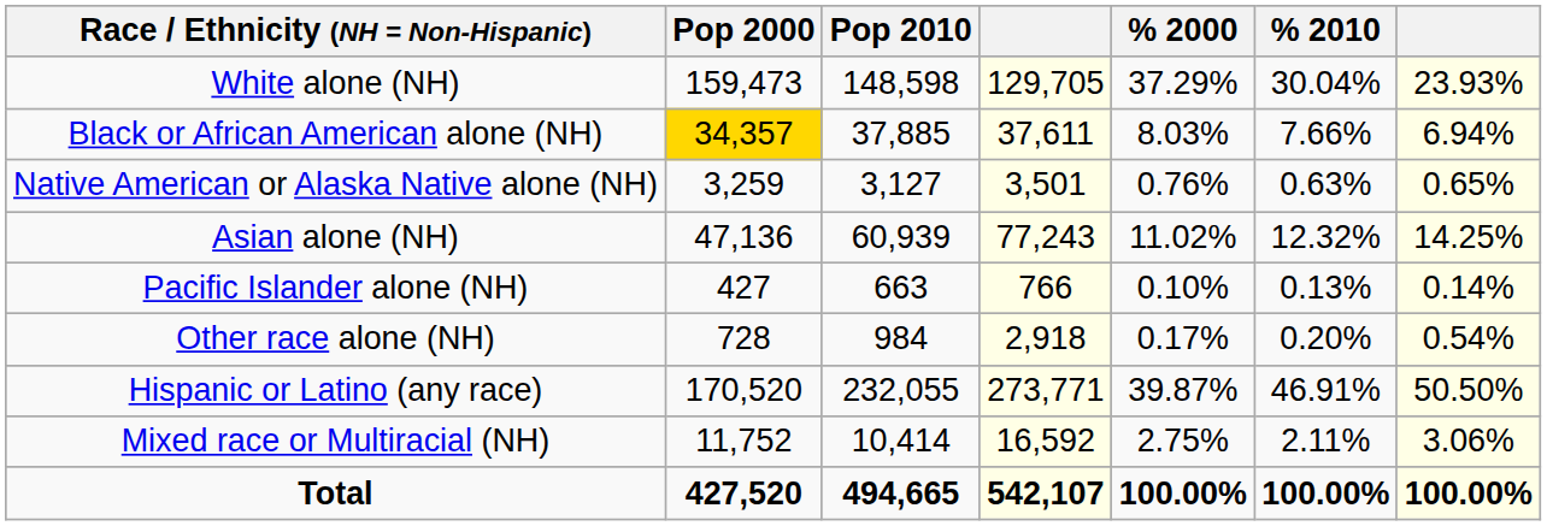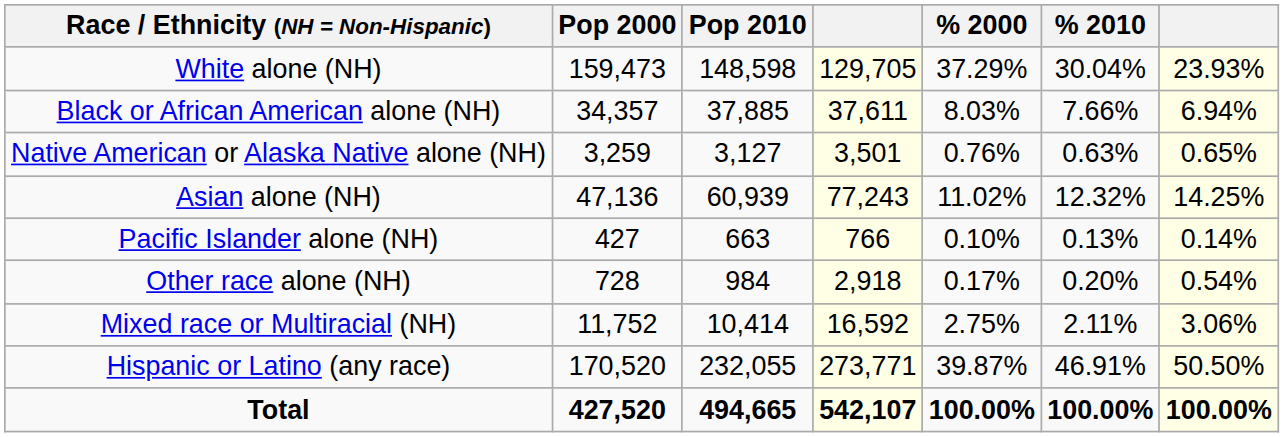 <table class="wikitable" style="text-align:center;">
 <tr>
 <th>Race / Ethnicity <small>(<em>NH = Non-Hispanic</em>)</small></th>
 <th>Pop 2000</th>
 <th>Pop 2010</th>
 <th></th>
 <th>% 2000</th>
 <th>% 2010</th>
 <th></th>
 </tr>
 <tr>
 <td><a href='#'>White</a> alone (NH)</td>
 <td>159,473</td>
 <td>148,598</td>
 <td style='background: #ffffe6;'>129,705</td>
 <td>37.29%</td>
 <td>30.04%</td>
 <td style='background: #ffffe6;'>23.93%</td>
 </tr>
 <tr>
 <td><a href='#'>Black or African American</a> alone (NH)</td>
-<td style="background: gold;">34,357</td>
+<td>34,357</td>
 <td>37,885</td>
 <td style='background: #ffffe6;'>37,611</td>
 <td>8.03%</td>
 <td>7.66%</td>
 <td style='background: #ffffe6;'>6.94%</td>
 </tr>
 <tr>
 <td><a href='#'>Native American</a> or <a href='#'>Alaska Native</a> alone (NH)</td>
 <td>3,259</td>
 <td>3,127</td>
 <td style='background: #ffffe6;'>3,501</td>
 <td>0.76%</td>
 <td>0.63%</td>
 <td style='background: #ffffe6;'>0.65%</td>
 </tr>
 <tr>
 <td><a href='#'>Asian</a> alone (NH)</td>
 <td>47,136</td>
 <td>60,939</td>
 <td style='background: #ffffe6;'>77,243</td>
 <td>11.02%</td>
 <td>12.32%</td>
 <td style='background: #ffffe6;'>14.25%</td>
 </tr>
 <tr>
 <td><a href='#'>Pacific Islander</a> alone (NH)</td>
 <td>427</td>
 <td>663</td>
 <td style='background: #ffffe6;'>766</td>
 <td>0.10%</td>
 <td>0.13%</td>
 <td style='background: #ffffe6;'>0.14%</td>
 </tr>
 <tr>
 <td><a href='#'>Other race</a> alone (NH)</td>
 <td>728</td>
 <td>984</td>
 <td style='background: #ffffe6;'>2,918</td>
 <td>0.17%</td>
 <td>0.20%</td>
 <td style='background: #ffffe6;'>0.54%</td>
 </tr>
 <tr>
+<td><a href='#'>Mixed race or Multiracial</a> (NH)</td>
+<td>11,752</td>
+<td>10,414</td>
+<td style='background: #ffffe6;'>16,592</td>
+<td>2.75%</td>
+<td>2.11%</td>
+<td style='background: #ffffe6;'>3.06%</td>
+</tr>
+<tr>
 <td><a href='#'>Hispanic or Latino</a> (any race)</td>
 <td>170,520</td>
 <td>232,055</td>
 <td style='background: #ffffe6;'>273,771</td>
 <td>39.87%</td>
 <td>46.91%</td>
 <td style='background: #ffffe6;'>50.50%</td>
-</tr>
-<tr>
-<td><a href='#'>Mixed race or Multiracial</a> (NH)</td>
-<td>11,752</td>
-<td>10,414</td>
-<td style='background: #ffffe6;'>16,592</td>
-<td>2.75%</td>
-<td>2.11%</td>
-<td style='background: #ffffe6;'>3.06%</td>
 </tr>
 <tr>
 <td><strong>Total</strong></td>
 <td><strong>427,520</strong></td>
 <td><strong>494,665</strong></td>
 <td style='background: #ffffe6;'><strong>542,107</strong></td>
 <td><strong>100.00%</strong></td>
 <td><strong>100.00%</strong></td>
 <td style='background: #ffffe6;'><strong>100.00%</strong></td>
 </tr>
 </table>
